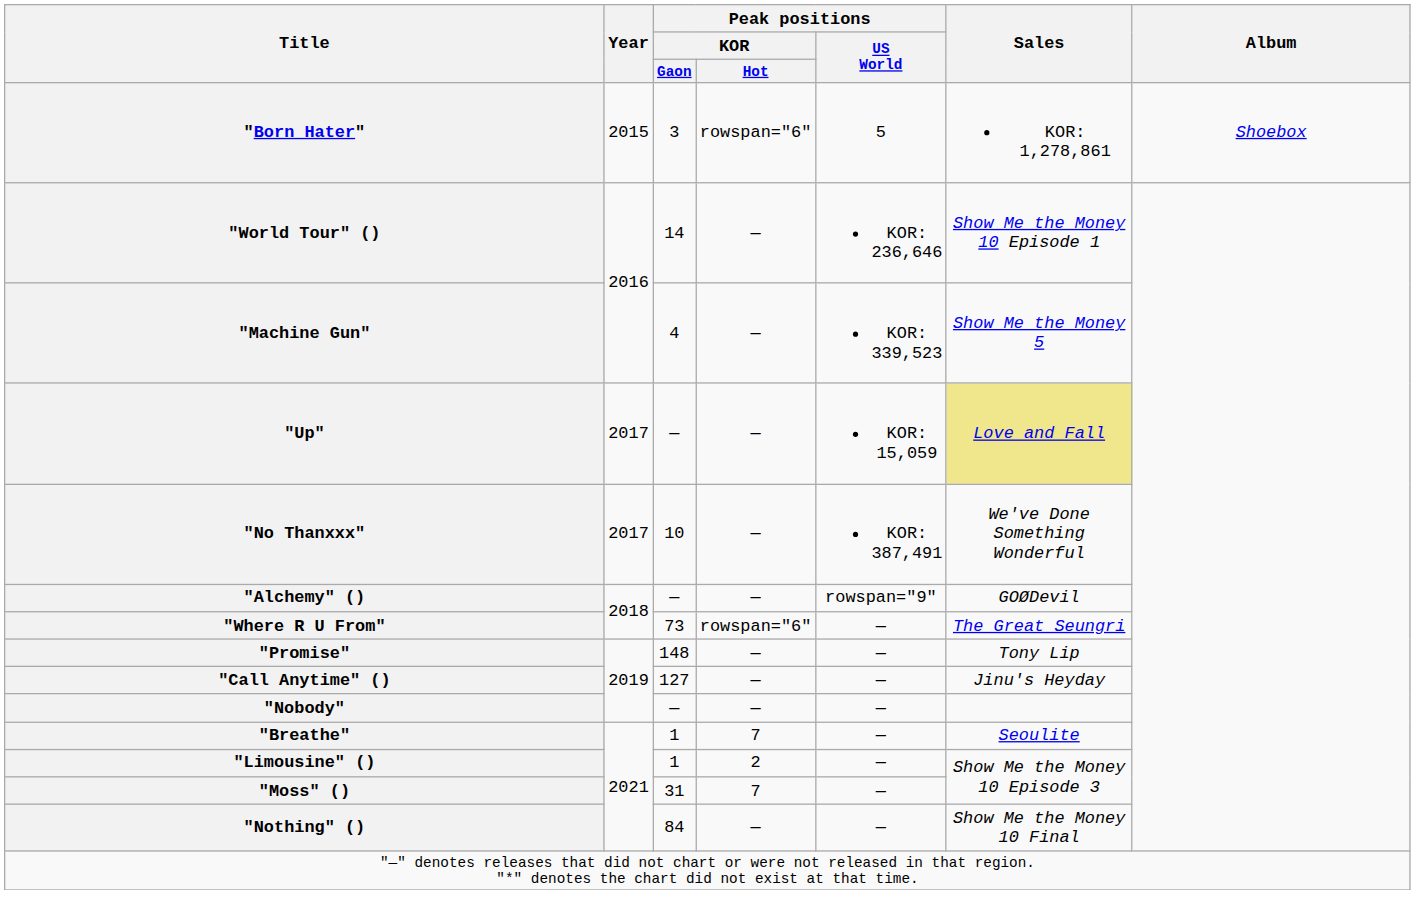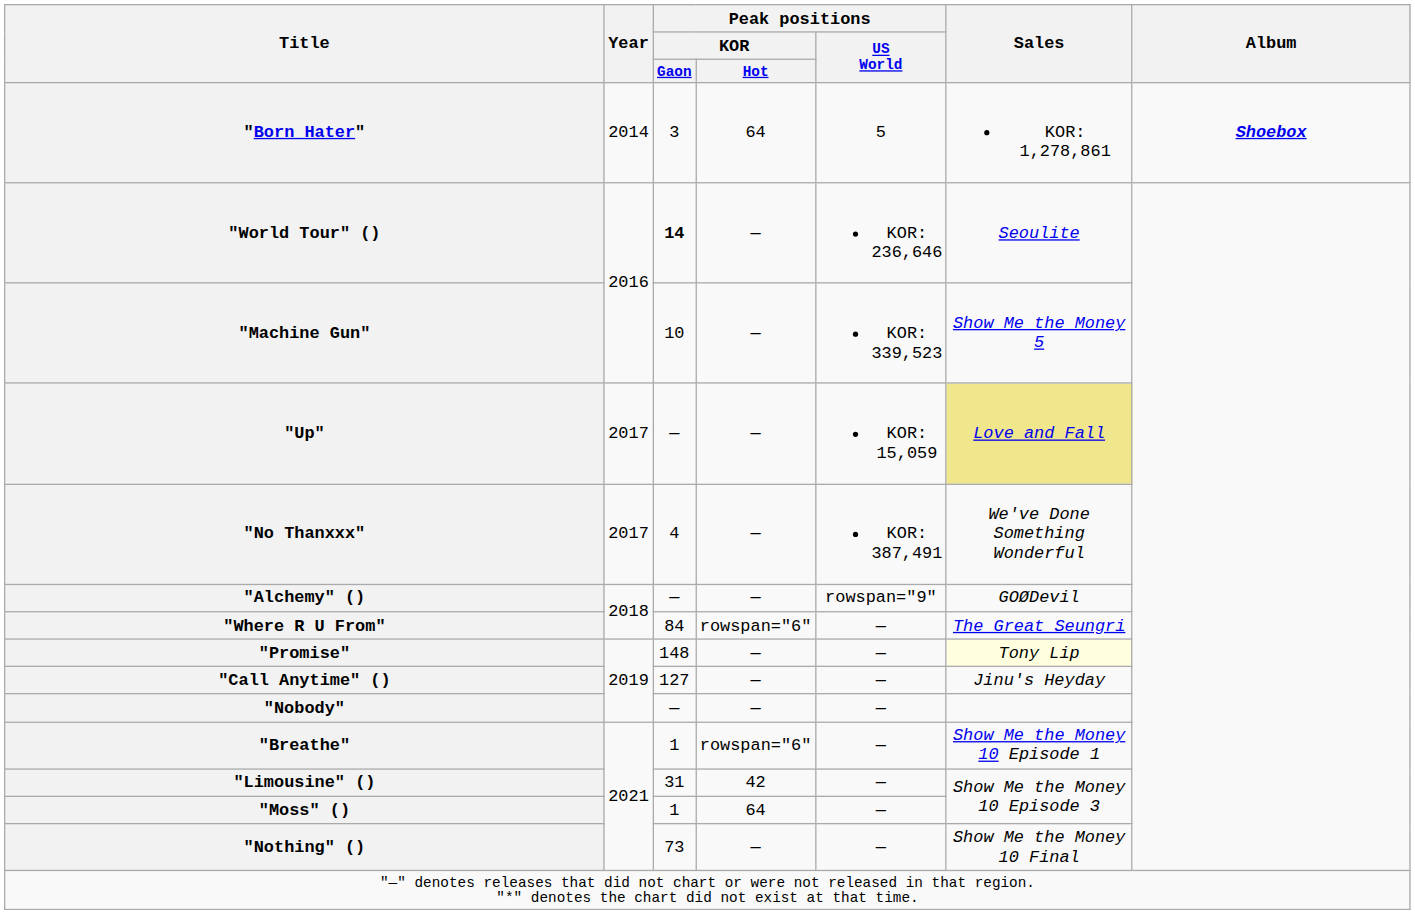 <table class="wikitable plainrowheaders" style="text-align:center;">
 <tr>
 <th rowspan=3 scope="col" style="width:35em;">Title</th>
 <th rowspan=3 scope="col" style="width:2em;">Year</th>
 <th scope="col" colspan="3">Peak positions</th>
 <th rowspan=3 scope="col" style="width:10.5em;">Sales</th>
 <th rowspan=3 scope="col" style="width:16em;">Album</th>
 </tr>
 <tr>
 <th scope="col" colspan="2">KOR</th>
 <th rowspan="2" style="width:2.5em;font-size:85%"><a href='#'>US<br>World</a><br></th>
 </tr>
 <tr>
 <th style="width:2.5em;font-size:85%"><a href='#'>Gaon</a><br></th>
 <th style="width:2.5em;font-size:85%;"><a href='#'>Hot</a><br></th>
 </tr>
 <tr>
 <th scope="row">"<a href='#'>Born Hater</a>" </th>
-<td>2015</td>
+<td>2014</td>
 <td>3</td>
-<td>rowspan="6" </td>
+<td>64</td>
 <td>5</td>
 <td><br><ul><li>KOR: 1,278,861</li></ul></td>
-<td><em><a href='#'>Shoebox</a></em></td>
+<td><strong><em><a href='#'>Shoebox</a></em></strong></td>
 </tr>
 <tr>
 <th scope="row">"World Tour" () </th>
 <td rowspan="2">2016</td>
-<td>14</td>
+<td><strong>14</strong></td>
 <td>—</td>
 <td><br><ul><li>KOR: 236,646</li></ul></td>
-<td><em><a href='#'>Show Me the Money 10</a> Episode 1</em></td>
+<td><em><a href='#'>Seoulite</a></em></td>
 </tr>
 <tr>
 <th scope="row">"Machine Gun" </th>
-<td>4</td>
+<td>10</td>
 <td>—</td>
 <td><br><ul><li>KOR: 339,523</li></ul></td>
 <td><em><a href='#'>Show Me the Money 5</a></em></td>
 </tr>
 <tr>
 <th scope="row">"Up" </th>
 <td>2017</td>
 <td>—</td>
 <td>—</td>
 <td><br><ul><li>KOR: 15,059</li></ul></td>
 <td style="background: khaki;"><em><a href='#'>Love and Fall</a></em></td>
 </tr>
 <tr>
 <th scope="row">"No Thanxxx" </th>
 <td>2017</td>
-<td>10</td>
+<td>4</td>
 <td>—</td>
 <td><br><ul><li>KOR: 387,491</li></ul></td>
 <td><em>We've Done Something Wonderful</em></td>
 </tr>
 <tr>
 <th scope="row">"Alchemy" () </th>
 <td rowspan="2">2018</td>
 <td>—</td>
 <td>—</td>
 <td>rowspan="9" </td>
 <td><em>GOØDevil</em></td>
 </tr>
 <tr>
 <th scope="row">"Where R U From" </th>
-<td>73</td>
+<td>84</td>
 <td>rowspan="6" </td>
 <td>—</td>
 <td><em><a href='#'>The Great Seungri</a></em></td>
 </tr>
 <tr>
 <th scope="row">"Promise" </th>
 <td rowspan="3">2019</td>
 <td>148</td>
 <td>—</td>
 <td>—</td>
-<td><em>Tony Lip</em></td>
+<td style="background: lightyellow;"><em>Tony Lip</em></td>
 </tr>
 <tr>
 <th scope="row">"Call Anytime" () </th>
 <td>127</td>
 <td>—</td>
 <td>—</td>
 <td><em>Jinu's Heyday</em></td>
 </tr>
 <tr>
 <th scope="row">"Nobody" </th>
 <td>—</td>
 <td>—</td>
 <td>—</td>
 <td></td>
 </tr>
 <tr>
 <th scope="row">"Breathe" </th>
 <td rowspan="4">2021</td>
 <td>1</td>
-<td>7</td>
+<td>rowspan="6" </td>
 <td>—</td>
-<td><em><a href='#'>Seoulite</a></em></td>
+<td><em><a href='#'>Show Me the Money 10</a> Episode 1</em></td>
 </tr>
 <tr>
 <th scope="row">"Limousine" () </th>
-<td>1</td>
-<td>2</td>
+<td>31</td>
+<td>42</td>
 <td>—</td>
 <td rowspan="2"><em>Show Me the Money 10 Episode 3</em></td>
 </tr>
 <tr>
 <th scope="row">"Moss" () </th>
-<td>31</td>
-<td>7</td>
+<td>1</td>
+<td>64</td>
 <td>—</td>
 </tr>
 <tr>
 <th scope="row">"Nothing" () </th>
-<td>84</td>
+<td>73</td>
 <td>—</td>
 <td>—</td>
 <td><em>Show Me the Money 10 Final</em></td>
 </tr>
 <tr>
 <td colspan="7" style="font-size:85%;">"—" denotes releases that did not chart or were not released in that region.<br>"*" denotes the chart did not exist at that time.</td>
 </tr>
 </table>
